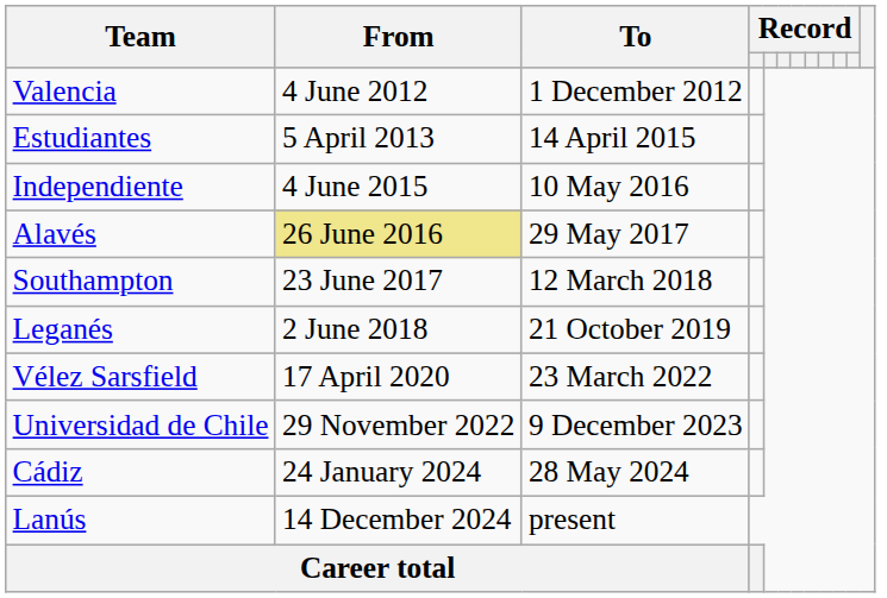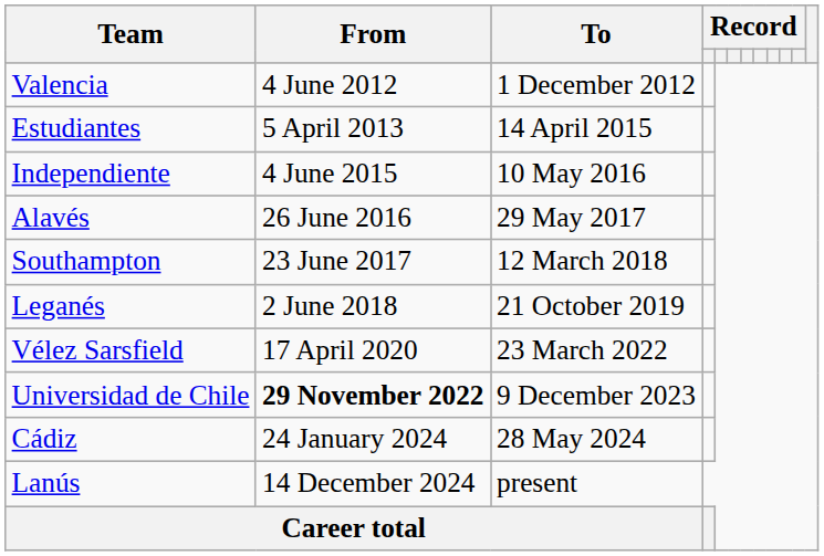 <table class="wikitable" style="text-align: center">
 <tr>
 <th rowspan="2">Team</th>
 <th rowspan="2">From</th>
 <th rowspan="2">To</th>
 <th colspan="8">Record</th>
 <th rowspan="2"></th>
 </tr>
 <tr>
 <th></th>
 <th></th>
 <th></th>
 <th></th>
 <th></th>
 <th></th>
 <th></th>
 <th></th>
 </tr>
 <tr>
 <td align=left><a href='#'>Valencia</a></td>
 <td align=left>4 June 2012</td>
 <td align=left>1 December 2012<br></td>
 <td></td>
 </tr>
 <tr>
 <td align=left><a href='#'>Estudiantes</a></td>
 <td align=left>5 April 2013</td>
 <td align=left>14 April 2015<br></td>
 <td></td>
 </tr>
 <tr>
 <td align=left><a href='#'>Independiente</a></td>
 <td align=left>4 June 2015</td>
 <td align=left>10 May 2016<br></td>
 <td></td>
 </tr>
 <tr>
 <td align=left><a href='#'>Alavés</a></td>
-<td align=left style="background: khaki;">26 June 2016</td>
+<td align=left>26 June 2016</td>
 <td align=left>29 May 2017<br></td>
 <td></td>
 </tr>
 <tr>
 <td align=left><a href='#'>Southampton</a></td>
 <td align=left>23 June 2017</td>
 <td align=left>12 March 2018<br></td>
 <td></td>
 </tr>
 <tr>
 <td align=left><a href='#'>Leganés</a></td>
 <td align=left>2 June 2018</td>
 <td align=left>21 October 2019<br></td>
 <td></td>
 </tr>
 <tr>
 <td align=left><a href='#'>Vélez Sarsfield</a></td>
 <td align=left>17 April 2020</td>
 <td align=left>23 March 2022<br></td>
 <td></td>
 </tr>
 <tr>
 <td align=left><a href='#'>Universidad de Chile</a></td>
-<td align=left>29 November 2022</td>
+<td align=left><strong>29 November 2022</strong></td>
 <td align=left>9 December 2023<br></td>
 <td></td>
 </tr>
 <tr>
 <td align=left><a href='#'>Cádiz</a></td>
 <td align=left>24 January 2024</td>
 <td align=left>28 May 2024<br></td>
 <td></td>
 </tr>
 <tr>
 <td align=left><a href='#'>Lanús</a></td>
 <td align=left>14 December 2024</td>
 <td align=left>present<br></td>
 </tr>
 <tr>
 <th colspan=3>Career total<br></th>
 <th></th>
 </tr>
 </table>
